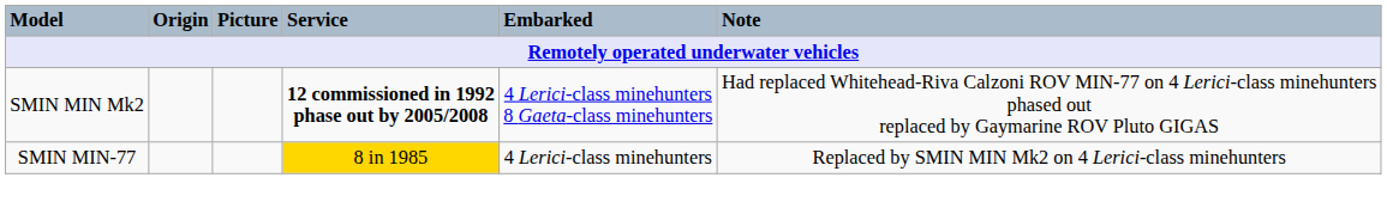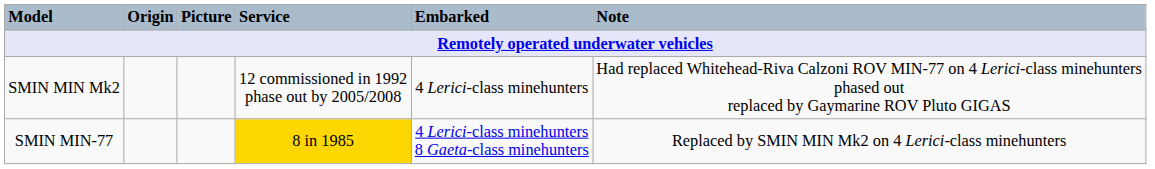 <table class="wikitable" style="text-align:center;">
 <tr>
 <th style="text-align: left; background: #aabccc;">Model</th>
 <th style="text-align: left; background: #aabccc;">Origin</th>
 <th style="text-align: left; background: #aabccc;">Picture</th>
 <th style="text-align: left; background: #aabccc;">Service</th>
 <th style="text-align: left; background: #aabccc;">Embarked</th>
 <th style="text-align: left; background: #aabccc;">Note</th>
 </tr>
 <tr>
 <th style="align: center; background: lavender;" colspan="9"><strong><a href='#'>Remotely operated underwater vehicles</a></strong></th>
 </tr>
 <tr>
 <td>SMIN MIN Mk2</td>
 <td></td>
 <td></td>
-<td><strong>12 commissioned in 1992<br>phase out by 2005/2008</strong></td>
-<td><a href='#'>4 <em>Lerici</em>-class minehunters</a><br><a href='#'>8 <em>Gaeta</em>-class minehunters</a><br></td>
+<td>12 commissioned in 1992<br>phase out by 2005/2008</td>
+<td>4 <em>Lerici</em>-class minehunters</td>
 <td>Had replaced Whitehead-Riva Calzoni ROV MIN-77 on 4 <em>Lerici</em>-class minehunters<br>phased out<br>replaced by Gaymarine ROV Pluto GIGAS</td>
 </tr>
 <tr>
 <td>SMIN MIN-77</td>
 <td></td>
 <td></td>
 <td style="background: gold;">8 in 1985</td>
-<td>4 <em>Lerici</em>-class minehunters</td>
+<td><a href='#'>4 <em>Lerici</em>-class minehunters</a><br><a href='#'>8 <em>Gaeta</em>-class minehunters</a><br></td>
 <td>Replaced by SMIN MIN Mk2 on 4 <em>Lerici</em>-class minehunters</td>
 </tr>
 </table>
